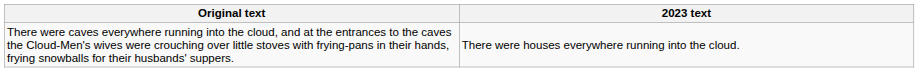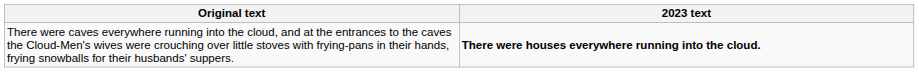 <table style="margin:auto;"  class="wikitable">
 <tr>
 <th style="width: 50%;">Original text</th>
 <th style="width: 50%;">2023 text</th>
 </tr>
 <tr>
 <td>There were caves everywhere running into the cloud, and at the entrances to the caves the Cloud-Men's wives were crouching over little stoves with frying-pans in their hands, frying snowballs for their husbands' suppers.</td>
-<td>There were houses everywhere running into the cloud.</td>
+<td><strong>There were houses everywhere running into the cloud.</strong></td>
 </tr>
 </table>
